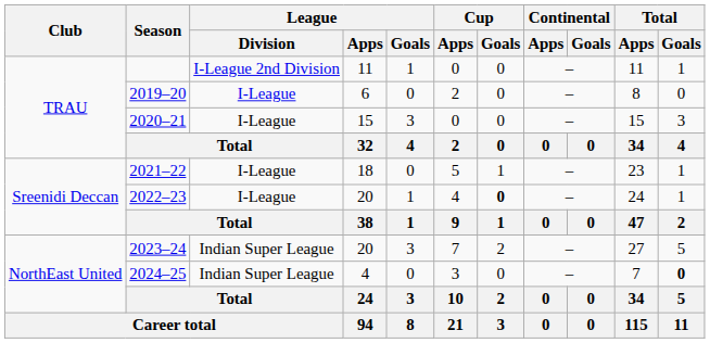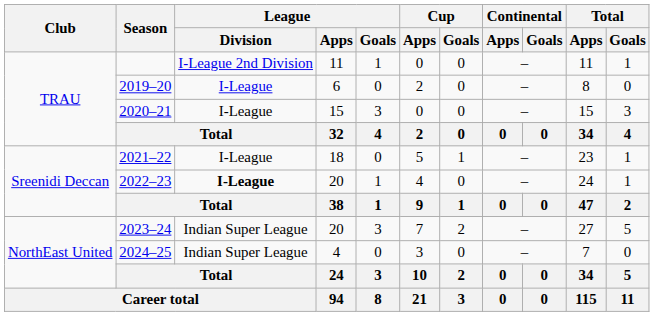 <table class=wikitable style=text-align:center>
 <tr>
 <th rowspan="2">Club</th>
 <th rowspan="2">Season</th>
 <th colspan="3">League</th>
 <th colspan="2">Cup</th>
 <th colspan="2">Continental</th>
 <th colspan="2">Total</th>
 </tr>
 <tr>
 <th>Division</th>
 <th>Apps</th>
 <th>Goals</th>
 <th>Apps</th>
 <th>Goals</th>
 <th>Apps</th>
 <th>Goals</th>
 <th>Apps</th>
 <th>Goals</th>
 </tr>
 <tr>
 <td rowspan="4"><a href='#'>TRAU</a></td>
 <td></td>
 <td><a href='#'>I-League 2nd Division</a></td>
 <td>11</td>
 <td>1</td>
 <td>0</td>
 <td>0</td>
 <td colspan="2">–</td>
 <td>11</td>
 <td>1</td>
 </tr>
 <tr>
 <td><a href='#'>2019–20</a></td>
 <td><a href='#'>I-League</a></td>
 <td>6</td>
 <td>0</td>
 <td>2</td>
 <td>0</td>
 <td colspan="2">–</td>
 <td>8</td>
 <td>0</td>
 </tr>
 <tr>
 <td><a href='#'>2020–21</a></td>
 <td>I-League</td>
 <td>15</td>
 <td>3</td>
 <td>0</td>
 <td>0</td>
 <td colspan="2">–</td>
 <td>15</td>
 <td>3</td>
 </tr>
 <tr>
 <th colspan="2">Total</th>
 <th>32</th>
 <th>4</th>
 <th>2</th>
 <th>0</th>
 <th>0</th>
 <th>0</th>
 <th>34</th>
 <th>4</th>
 </tr>
 <tr>
 <td rowspan="3"><a href='#'>Sreenidi Deccan</a></td>
 <td><a href='#'>2021–22</a></td>
 <td>I-League</td>
 <td>18</td>
 <td>0</td>
 <td>5</td>
 <td>1</td>
 <td colspan="2">–</td>
 <td>23</td>
 <td>1</td>
 </tr>
 <tr>
 <td><a href='#'>2022–23</a></td>
-<td>I-League</td>
+<td><strong>I-League</strong></td>
 <td>20</td>
 <td>1</td>
 <td>4</td>
-<td><strong>0</strong></td>
+<td>0</td>
 <td colspan="2">–</td>
 <td>24</td>
 <td>1</td>
 </tr>
 <tr>
 <th colspan="2">Total</th>
 <th>38</th>
 <th>1</th>
 <th>9</th>
 <th>1</th>
 <th>0</th>
 <th>0</th>
 <th>47</th>
 <th>2</th>
 </tr>
 <tr>
 <td rowspan="3"><a href='#'>NorthEast United</a></td>
 <td><a href='#'>2023–24</a></td>
 <td>Indian Super League</td>
 <td>20</td>
 <td>3</td>
 <td>7</td>
 <td>2</td>
 <td colspan="2">–</td>
 <td>27</td>
 <td>5</td>
 </tr>
 <tr>
 <td><a href='#'>2024–25</a></td>
 <td>Indian Super League</td>
 <td>4</td>
 <td>0</td>
 <td>3</td>
 <td>0</td>
 <td colspan="2">–</td>
 <td>7</td>
-<td><strong>0</strong></td>
+<td>0</td>
 </tr>
 <tr>
 <th colspan="2">Total</th>
 <th>24</th>
 <th>3</th>
 <th>10</th>
 <th>2</th>
 <th>0</th>
 <th>0</th>
 <th>34</th>
 <th>5</th>
 </tr>
 <tr>
 <th colspan="3">Career total</th>
 <th>94</th>
 <th>8</th>
 <th>21</th>
 <th>3</th>
 <th>0</th>
 <th>0</th>
 <th>115</th>
 <th>11</th>
 </tr>
 </table>
